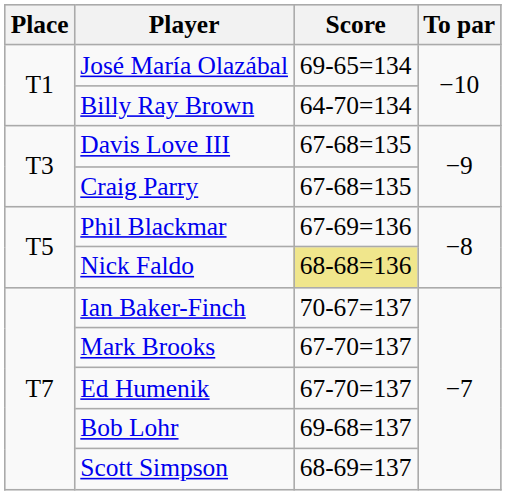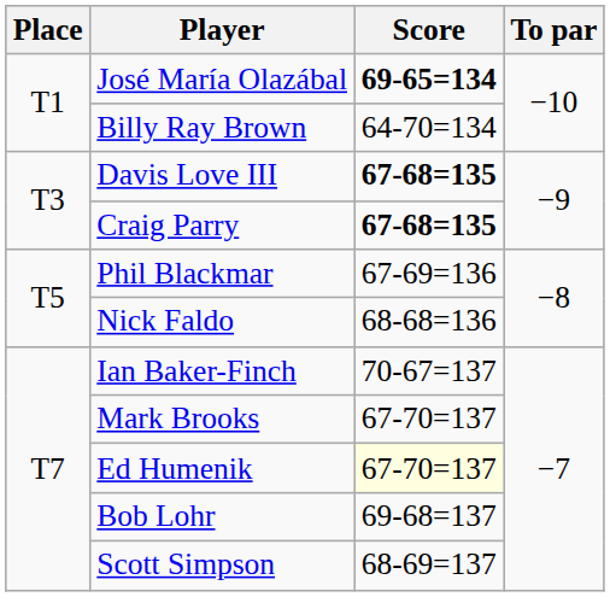 <table class="wikitable">
 <tr>
 <th>Place</th>
 <th>Player</th>
 <th>Score</th>
 <th>To par</th>
 </tr>
 <tr>
 <td rowspan=2 align=center>T1</td>
 <td> <a href='#'>José María Olazábal</a></td>
-<td align=center>69-65=134</td>
+<td align=center><strong>69-65=134</strong></td>
 <td rowspan=2 align=center>−10</td>
 </tr>
 <tr>
 <td> <a href='#'>Billy Ray Brown</a></td>
 <td align=center>64-70=134</td>
 </tr>
 <tr>
 <td rowspan=2 align=center>T3</td>
 <td> <a href='#'>Davis Love III</a></td>
-<td align=center>67-68=135</td>
+<td align=center><strong>67-68=135</strong></td>
 <td rowspan=2 align=center>−9</td>
 </tr>
 <tr>
 <td> <a href='#'>Craig Parry</a></td>
-<td align=center>67-68=135</td>
+<td align=center><strong>67-68=135</strong></td>
 </tr>
 <tr>
 <td rowspan=2 align=center>T5</td>
 <td> <a href='#'>Phil Blackmar</a></td>
 <td align=center>67-69=136</td>
 <td rowspan=2 align=center>−8</td>
 </tr>
 <tr>
 <td> <a href='#'>Nick Faldo</a></td>
-<td align=center style="background: khaki;">68-68=136</td>
+<td align=center>68-68=136</td>
 </tr>
 <tr>
 <td rowspan=5 align=center>T7</td>
 <td> <a href='#'>Ian Baker-Finch</a></td>
 <td align=center>70-67=137</td>
 <td rowspan=5 align=center>−7</td>
 </tr>
 <tr>
 <td> <a href='#'>Mark Brooks</a></td>
 <td align=center>67-70=137</td>
 </tr>
 <tr>
 <td> <a href='#'>Ed Humenik</a></td>
-<td align=center>67-70=137</td>
+<td align=center style="background: lightyellow;">67-70=137</td>
 </tr>
 <tr>
 <td> <a href='#'>Bob Lohr</a></td>
 <td align=center>69-68=137</td>
 </tr>
 <tr>
 <td> <a href='#'>Scott Simpson</a></td>
 <td align=center>68-69=137</td>
 </tr>
 </table>
